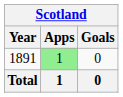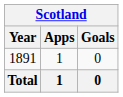 <table class="wikitable" style="text-align:center">
 <tr>
 <th colspan=3><a href='#'>Scotland</a></th>
 </tr>
 <tr>
 <th>Year</th>
 <th>Apps</th>
 <th>Goals</th>
 </tr>
 <tr>
 <td>1891</td>
-<td style="background: lightgreen;">1</td>
+<td>1</td>
 <td>0</td>
 </tr>
 <tr>
 <th>Total</th>
 <th>1</th>
 <th>0</th>
 </tr>
 </table>
